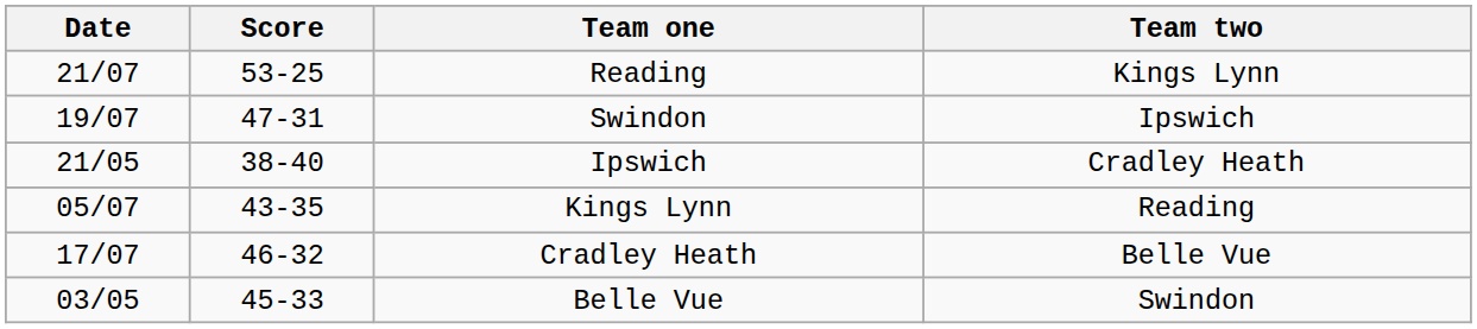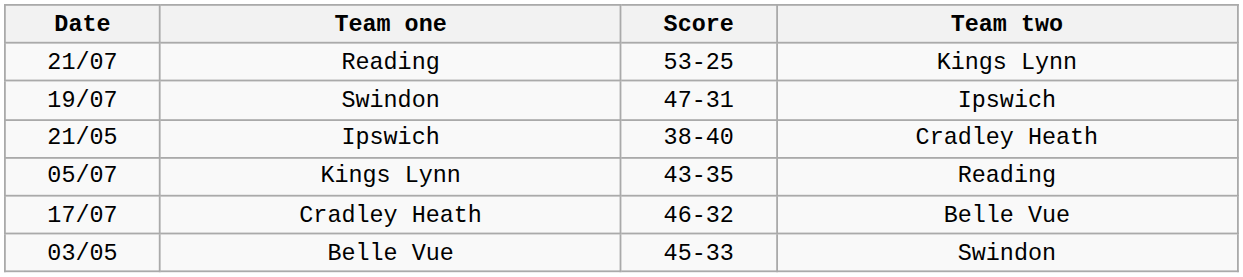 <table class="wikitable" style="text-align: center">
 <tr>
 <th width=80>Date</th>
+<th width=250>Team one</th>
 <th width=80>Score</th>
-<th width=250>Team one</th>
 <th width=250>Team two</th>
 </tr>
 <tr>
 <td>21/07</td>
+<td>Reading</td>
 <td>53-25</td>
-<td>Reading</td>
 <td>Kings Lynn</td>
 </tr>
 <tr>
 <td>19/07</td>
+<td>Swindon</td>
 <td>47-31</td>
-<td>Swindon</td>
 <td>Ipswich</td>
 </tr>
 <tr>
 <td>21/05</td>
+<td>Ipswich</td>
 <td>38-40</td>
-<td>Ipswich</td>
 <td>Cradley Heath</td>
 </tr>
 <tr>
 <td>05/07</td>
+<td>Kings Lynn</td>
 <td>43-35</td>
-<td>Kings Lynn</td>
 <td>Reading</td>
 </tr>
 <tr>
 <td>17/07</td>
+<td>Cradley Heath</td>
 <td>46-32</td>
-<td>Cradley Heath</td>
 <td>Belle Vue</td>
 </tr>
 <tr>
 <td>03/05</td>
+<td>Belle Vue</td>
 <td>45-33</td>
-<td>Belle Vue</td>
 <td>Swindon</td>
 </tr>
 </table>
